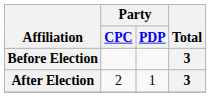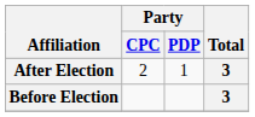 <table class=wikitable style="text-align:center">
 <tr style="vertical-align:bottom;">
 <th rowspan=2>Affiliation</th>
 <th colspan=2>Party</th>
 <th rowspan=2>Total</th>
 </tr>
 <tr>
 <th><a href='#'>CPC</a></th>
 <th><a href='#'>PDP</a></th>
 </tr>
 <tr>
+<th>After Election</th>
+<td>2</td>
+<td>1</td>
+<th>3</th>
+</tr>
+<tr>
 <th>Before Election</th>
 <td></td>
 <td></td>
 <th>3</th>
 </tr>
 <tr>
-<th>After Election</th>
-<td>2</td>
-<td>1</td>
-<th>3</th>
-</tr>
-<tr>
 </tr>
 </table>
